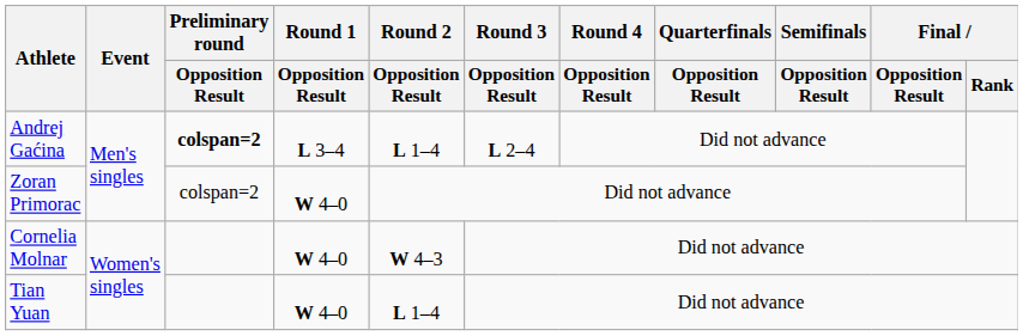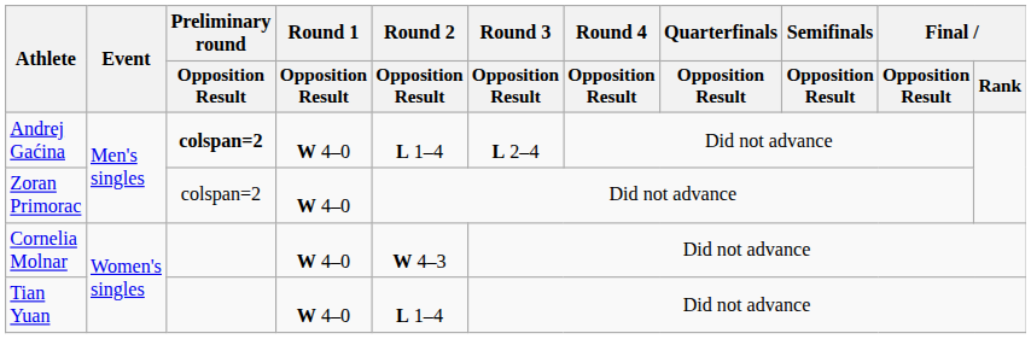 <table class="wikitable" style="font-size:90%">
 <tr>
 <th rowspan=2>Athlete</th>
 <th rowspan=2>Event</th>
 <th>Preliminary round</th>
 <th>Round 1</th>
 <th>Round 2</th>
 <th>Round 3</th>
 <th>Round 4</th>
 <th>Quarterfinals</th>
 <th>Semifinals</th>
 <th colspan=2>Final / </th>
 </tr>
 <tr style="font-size:95%">
 <th>Opposition<br>Result</th>
 <th>Opposition<br>Result</th>
 <th>Opposition<br>Result</th>
 <th>Opposition<br>Result</th>
 <th>Opposition<br>Result</th>
 <th>Opposition<br>Result</th>
 <th>Opposition<br>Result</th>
 <th>Opposition<br>Result</th>
 <th>Rank</th>
 </tr>
 <tr align=center>
 <td align=left><a href='#'>Andrej Gaćina</a></td>
 <td align=left rowspan=2><a href='#'>Men's singles</a></td>
 <td><strong>colspan=2 </strong></td>
-<td><br><strong>L</strong> 3–4</td>
+<td><br><strong>W</strong> 4–0</td>
 <td><br><strong>L</strong> 1–4</td>
 <td><br><strong>L</strong> 2–4</td>
 <td colspan=4>Did not advance</td>
 </tr>
 <tr align=center>
 <td align=left><a href='#'>Zoran Primorac</a></td>
 <td>colspan=2 </td>
 <td><br><strong>W</strong> 4–0</td>
 <td colspan=6>Did not advance</td>
 </tr>
 <tr align=center>
 <td align=left><a href='#'>Cornelia Molnar</a></td>
 <td align=left rowspan=2><a href='#'>Women's singles</a></td>
 <td></td>
 <td><br><strong>W</strong> 4–0</td>
 <td><br><strong>W</strong> 4–3</td>
 <td colspan=6>Did not advance</td>
 </tr>
 <tr align=center>
 <td align=left><a href='#'>Tian Yuan</a></td>
 <td></td>
 <td><br><strong>W</strong> 4–0</td>
 <td><br><strong>L</strong> 1–4</td>
 <td colspan=6>Did not advance</td>
 </tr>
 </table>
